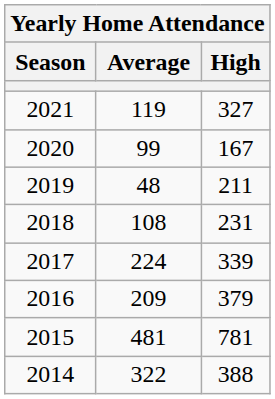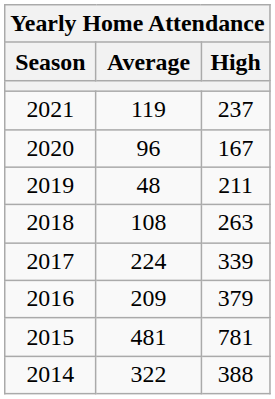 <table class="wikitable" style="text-align:center;">
 <tr>
 <th colspan=3>Yearly Home Attendance</th>
 </tr>
 <tr>
 <th>Season</th>
 <th>Average</th>
 <th>High</th>
 </tr>
 <tr>
 <th colspan=3 style="text-align:center; "><a href='#'></a></th>
 </tr>
 <tr>
 <td>2021</td>
 <td>119</td>
-<td>327</td>
+<td>237</td>
 </tr>
 <tr>
 <td>2020</td>
-<td>99</td>
+<td>96</td>
 <td>167</td>
 </tr>
 <tr>
 <td>2019</td>
 <td>48</td>
 <td>211</td>
 </tr>
 <tr>
 <td>2018</td>
 <td>108</td>
-<td>231</td>
+<td>263</td>
 </tr>
 <tr>
 <td>2017</td>
 <td>224</td>
 <td>339</td>
 </tr>
 <tr>
 <td>2016</td>
 <td>209</td>
 <td>379</td>
 </tr>
 <tr>
 <td>2015</td>
 <td>481</td>
 <td>781</td>
 </tr>
 <tr>
 <td>2014</td>
 <td>322</td>
 <td>388</td>
 </tr>
 </table>
